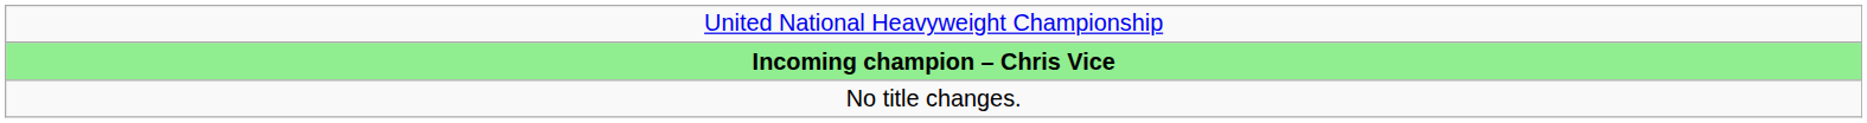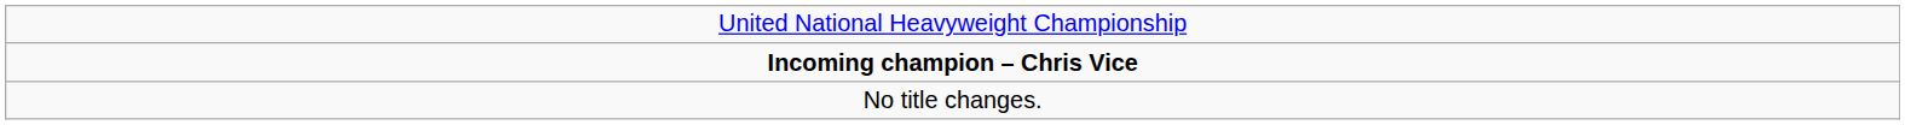 <table class="wikitable" style="text-align:center; width:100%;">
 <tr>
 <td style="text-align: center;"><a href='#'>United National Heavyweight Championship</a></td>
 </tr>
 <tr>
-<td style="background: lightgreen; text-align: center;"><strong>Incoming champion – Chris Vice</strong></td>
+<td style="text-align: center;"><strong>Incoming champion – Chris Vice</strong></td>
 </tr>
 <tr>
 <td>No title changes.</td>
 </tr>
 </table>
